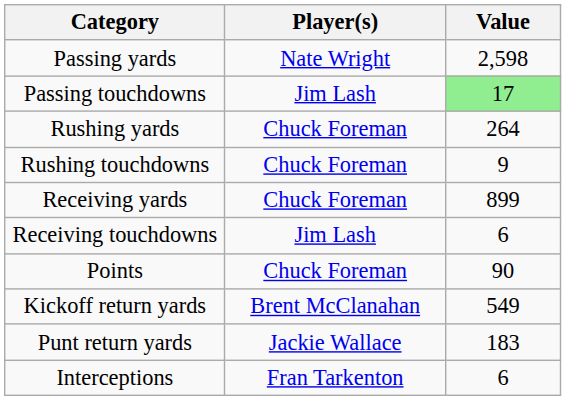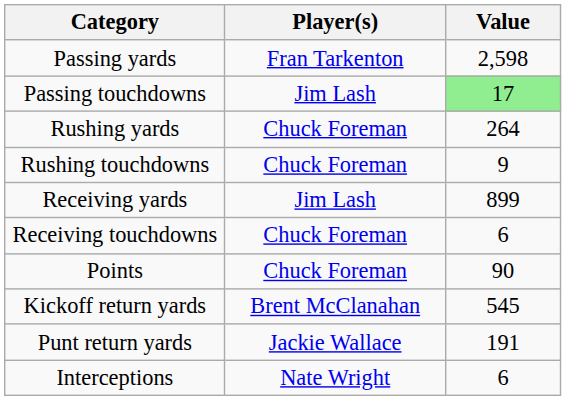 <table class="wikitable" style="text-align:center">
 <tr>
 <th width=150px>Category</th>
 <th width=150px>Player(s)</th>
 <th width=75px>Value</th>
 </tr>
 <tr>
 <td>Passing yards</td>
-<td><a href='#'>Nate Wright</a></td>
+<td><a href='#'>Fran Tarkenton</a></td>
 <td>2,598</td>
 </tr>
 <tr>
 <td>Passing touchdowns</td>
 <td><a href='#'>Jim Lash</a></td>
 <td style="background: lightgreen;">17</td>
 </tr>
 <tr>
 <td>Rushing yards</td>
 <td><a href='#'>Chuck Foreman</a></td>
 <td>264</td>
 </tr>
 <tr>
 <td>Rushing touchdowns</td>
 <td><a href='#'>Chuck Foreman</a></td>
 <td>9</td>
 </tr>
 <tr>
 <td>Receiving yards</td>
-<td><a href='#'>Chuck Foreman</a></td>
+<td><a href='#'>Jim Lash</a></td>
 <td>899</td>
 </tr>
 <tr>
 <td>Receiving touchdowns</td>
-<td><a href='#'>Jim Lash</a></td>
+<td><a href='#'>Chuck Foreman</a></td>
 <td>6</td>
 </tr>
 <tr>
 <td>Points</td>
 <td><a href='#'>Chuck Foreman</a></td>
 <td>90</td>
 </tr>
 <tr>
 <td>Kickoff return yards</td>
 <td><a href='#'>Brent McClanahan</a></td>
-<td>549</td>
+<td>545</td>
 </tr>
 <tr>
 <td>Punt return yards</td>
 <td><a href='#'>Jackie Wallace</a></td>
-<td>183</td>
+<td>191</td>
 </tr>
 <tr>
 <td>Interceptions</td>
-<td><a href='#'>Fran Tarkenton</a></td>
+<td><a href='#'>Nate Wright</a></td>
 <td>6</td>
 </tr>
 </table>
